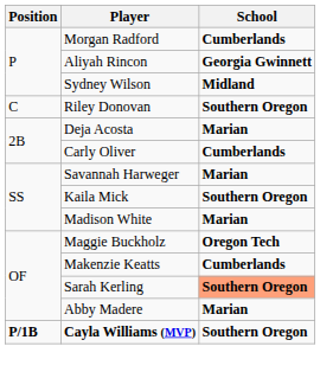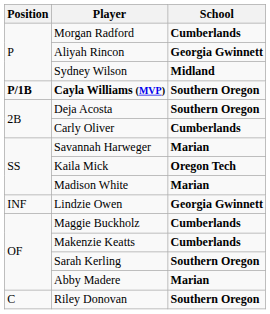 <table class="wikitable">
 <tr>
 <th>Position</th>
 <th>Player</th>
 <th>School</th>
 </tr>
 <tr>
 <td rowspan="3">P</td>
 <td>Morgan Radford</td>
 <td><strong>Cumberlands</strong></td>
 </tr>
 <tr>
 <td>Aliyah Rincon</td>
 <td><strong>Georgia Gwinnett</strong></td>
 </tr>
 <tr>
 <td>Sydney Wilson</td>
 <td><strong>Midland</strong></td>
 </tr>
 <tr>
-<td>C</td>
-<td>Riley Donovan</td>
+<td><strong>P/1B</strong></td>
+<td><strong>Cayla Williams <small>(<a href='#'>MVP</a>)</small></strong></td>
 <td><strong>Southern Oregon</strong></td>
 </tr>
 <tr>
 <td rowspan="2">2B</td>
 <td>Deja Acosta</td>
-<td><strong>Marian</strong></td>
+<td><strong>Southern Oregon</strong></td>
 </tr>
 <tr>
 <td>Carly Oliver</td>
 <td><strong>Cumberlands</strong></td>
 </tr>
 <tr>
 <td rowspan="3">SS</td>
 <td>Savannah Harweger</td>
 <td><strong>Marian</strong></td>
 </tr>
 <tr>
 <td>Kaila Mick</td>
-<td><strong>Southern Oregon</strong></td>
+<td><strong>Oregon Tech</strong></td>
 </tr>
 <tr>
 <td>Madison White</td>
 <td><strong>Marian</strong></td>
 </tr>
 <tr>
+<td>INF</td>
+<td>Lindzie Owen</td>
+<td><strong>Georgia Gwinnett</strong></td>
+</tr>
+<tr>
 <td rowspan="4">OF</td>
 <td>Maggie Buckholz</td>
-<td><strong>Oregon Tech</strong></td>
+<td><strong>Cumberlands</strong></td>
 </tr>
 <tr>
 <td>Makenzie Keatts</td>
 <td><strong>Cumberlands</strong></td>
 </tr>
 <tr>
 <td>Sarah Kerling</td>
-<td style="background: lightsalmon;"><strong>Southern Oregon</strong></td>
+<td><strong>Southern Oregon</strong></td>
 </tr>
 <tr>
 <td>Abby Madere</td>
 <td><strong>Marian</strong></td>
 </tr>
 <tr>
-<td><strong>P/1B</strong></td>
-<td><strong>Cayla Williams <small>(<a href='#'>MVP</a>)</small></strong></td>
+<td>C</td>
+<td>Riley Donovan</td>
 <td><strong>Southern Oregon</strong></td>
 </tr>
 </table>
